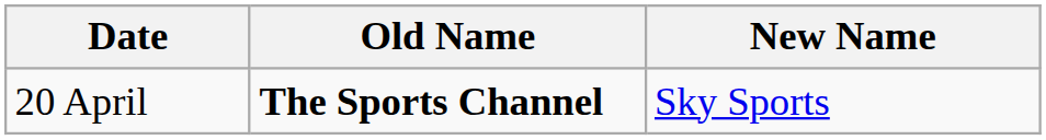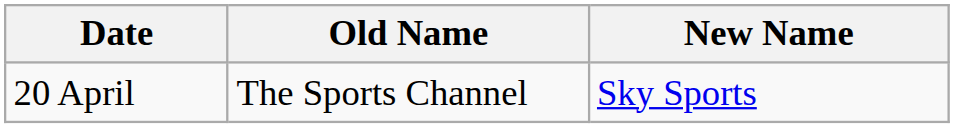 <table class="wikitable">
 <tr>
 <th width=90>Date</th>
 <th width=150>Old Name</th>
 <th width=150>New Name</th>
 </tr>
 <tr>
 <td rowspan="3">20 April</td>
-<td><strong>The Sports Channel</strong></td>
+<td>The Sports Channel</td>
 <td><a href='#'>Sky Sports</a></td>
 </tr>
 </table>
